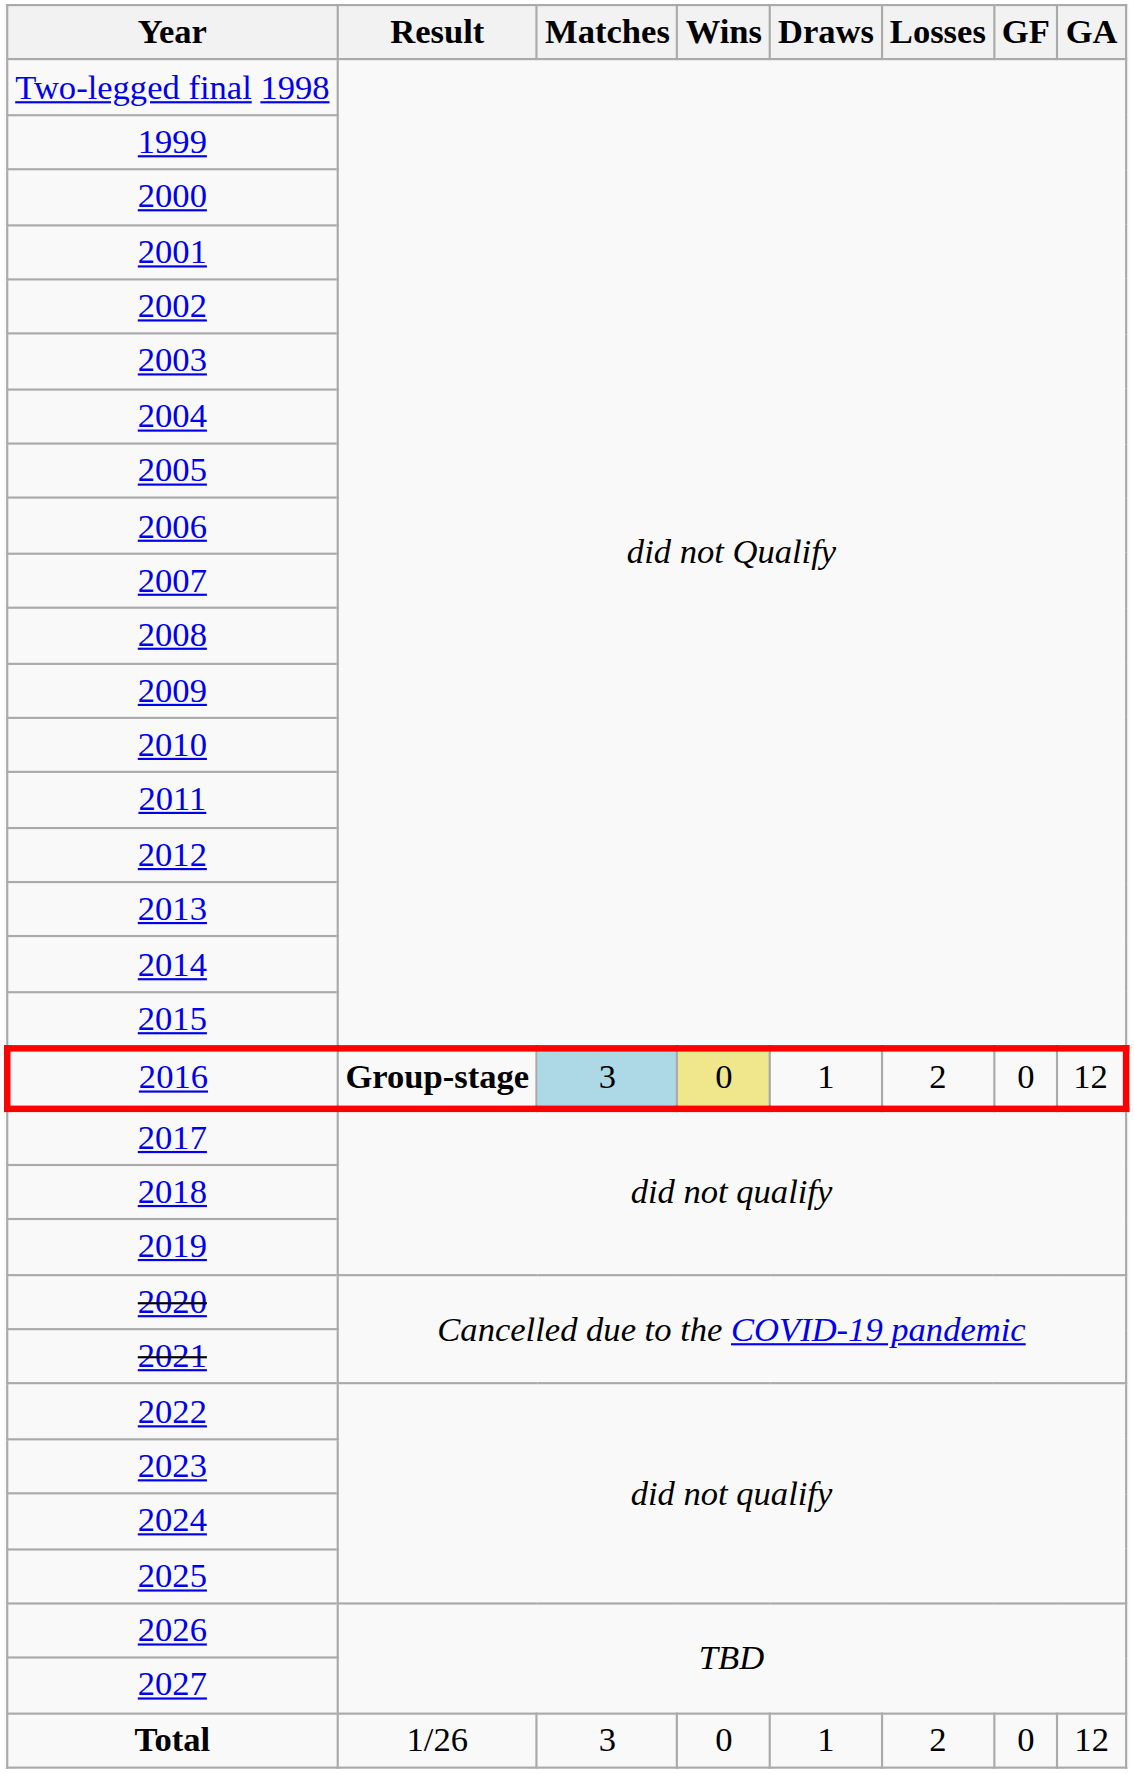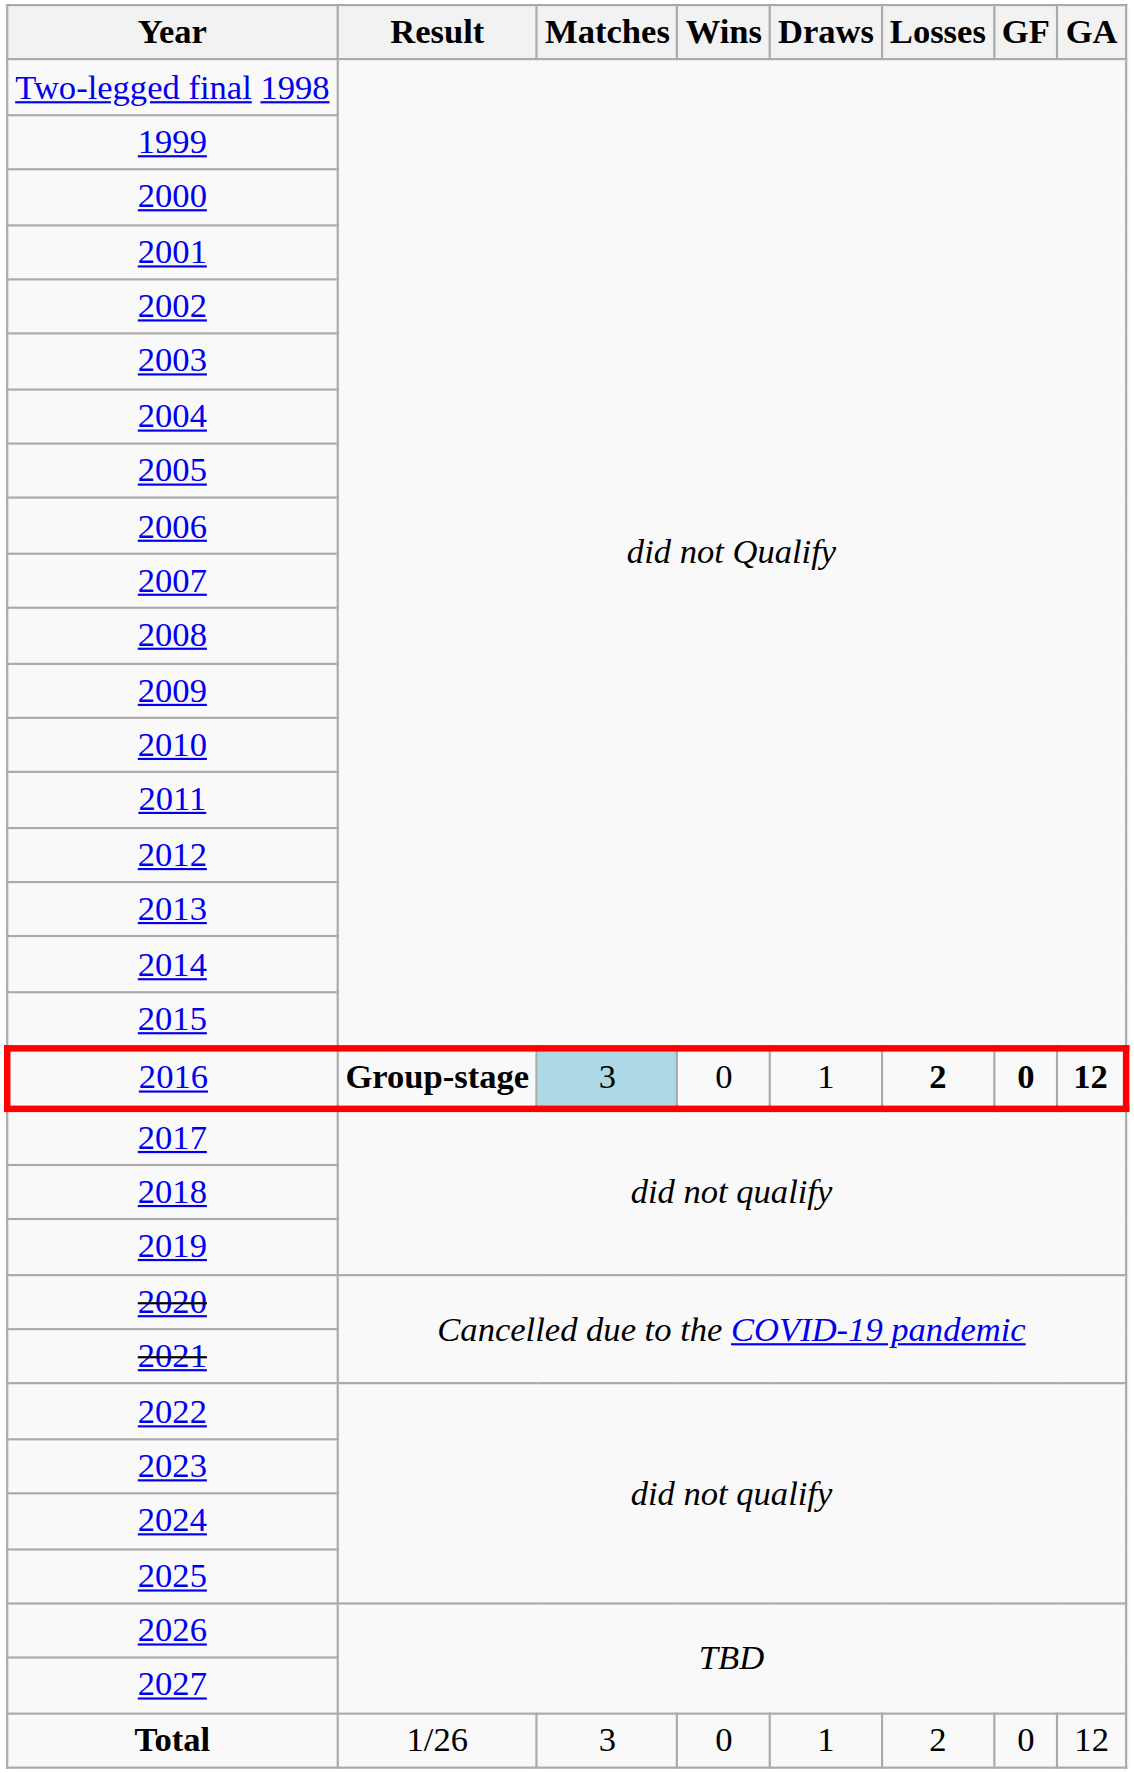 <table class="wikitable" style="text-align: center;">
 <tr>
 <th>Year</th>
 <th>Result</th>
 <th>Matches</th>
 <th>Wins</th>
 <th>Draws</th>
 <th>Losses</th>
 <th>GF</th>
 <th>GA</th>
 </tr>
 <tr>
 <td><a href='#'>Two-legged final</a> <a href='#'>1998</a></td>
 <td colspan=7 rowspan=18><em>did not Qualify</em></td>
 </tr>
 <tr>
 <td> <a href='#'>1999</a></td>
 </tr>
 <tr>
 <td> <a href='#'>2000</a></td>
 </tr>
 <tr>
 <td> <a href='#'>2001</a></td>
 </tr>
 <tr>
 <td> <a href='#'>2002</a></td>
 </tr>
 <tr>
 <td> <a href='#'>2003</a></td>
 </tr>
 <tr>
 <td> <a href='#'>2004</a></td>
 </tr>
 <tr>
 <td> <a href='#'>2005</a></td>
 </tr>
 <tr>
 <td> <a href='#'>2006</a></td>
 </tr>
 <tr>
 <td> <a href='#'>2007</a></td>
 </tr>
 <tr>
 <td> <a href='#'>2008</a></td>
 </tr>
 <tr>
 <td> <a href='#'>2009</a></td>
 </tr>
 <tr>
 <td> <a href='#'>2010</a></td>
 </tr>
 <tr>
 <td> <a href='#'>2011</a></td>
 </tr>
 <tr>
 <td> <a href='#'>2012</a></td>
 </tr>
 <tr>
 <td> <a href='#'>2013</a></td>
 </tr>
 <tr>
 <td> <a href='#'>2014</a></td>
 </tr>
 <tr>
 <td> <a href='#'>2015</a></td>
 </tr>
 <tr style="border: 3px solid red">
 <td> <a href='#'>2016</a></td>
 <td><strong>Group-stage</strong></td>
 <td style="background: lightblue;">3</td>
-<td style="background: khaki;">0</td>
+<td>0</td>
 <td>1</td>
-<td>2</td>
-<td>0</td>
-<td>12</td>
+<td><strong>2</strong></td>
+<td><strong>0</strong></td>
+<td><strong>12</strong></td>
 </tr>
 <tr>
 <td> <a href='#'>2017</a></td>
 <td colspan=7 rowspan=3><em>did not qualify</em></td>
 </tr>
 <tr>
 <td> <a href='#'>2018</a></td>
 </tr>
 <tr>
 <td> <a href='#'>2019</a></td>
 </tr>
 <tr>
 <td> <s><a href='#'>2020</a></s></td>
 <td colspan=7 rowspan=2><em>Cancelled due to the <a href='#'>COVID-19 pandemic</a></em></td>
 </tr>
 <tr>
 <td> <s><a href='#'>2021</a></s></td>
 </tr>
 <tr>
 <td> <a href='#'>2022</a></td>
 <td colspan=7 rowspan=4><em>did not qualify</em></td>
 </tr>
 <tr>
 <td> <a href='#'>2023</a></td>
 </tr>
 <tr>
 <td> <a href='#'>2024</a></td>
 </tr>
 <tr>
 <td> <a href='#'>2025</a></td>
 </tr>
 <tr>
 <td> <a href='#'>2026</a></td>
 <td rowspan=2 colspan=8><em>TBD</em></td>
 </tr>
 <tr>
 <td> <a href='#'>2027</a></td>
 </tr>
 <tr>
 <td><strong>Total</strong></td>
 <td>1/26</td>
 <td>3</td>
 <td>0</td>
 <td>1</td>
 <td>2</td>
 <td>0</td>
 <td>12</td>
 </tr>
 </table>
